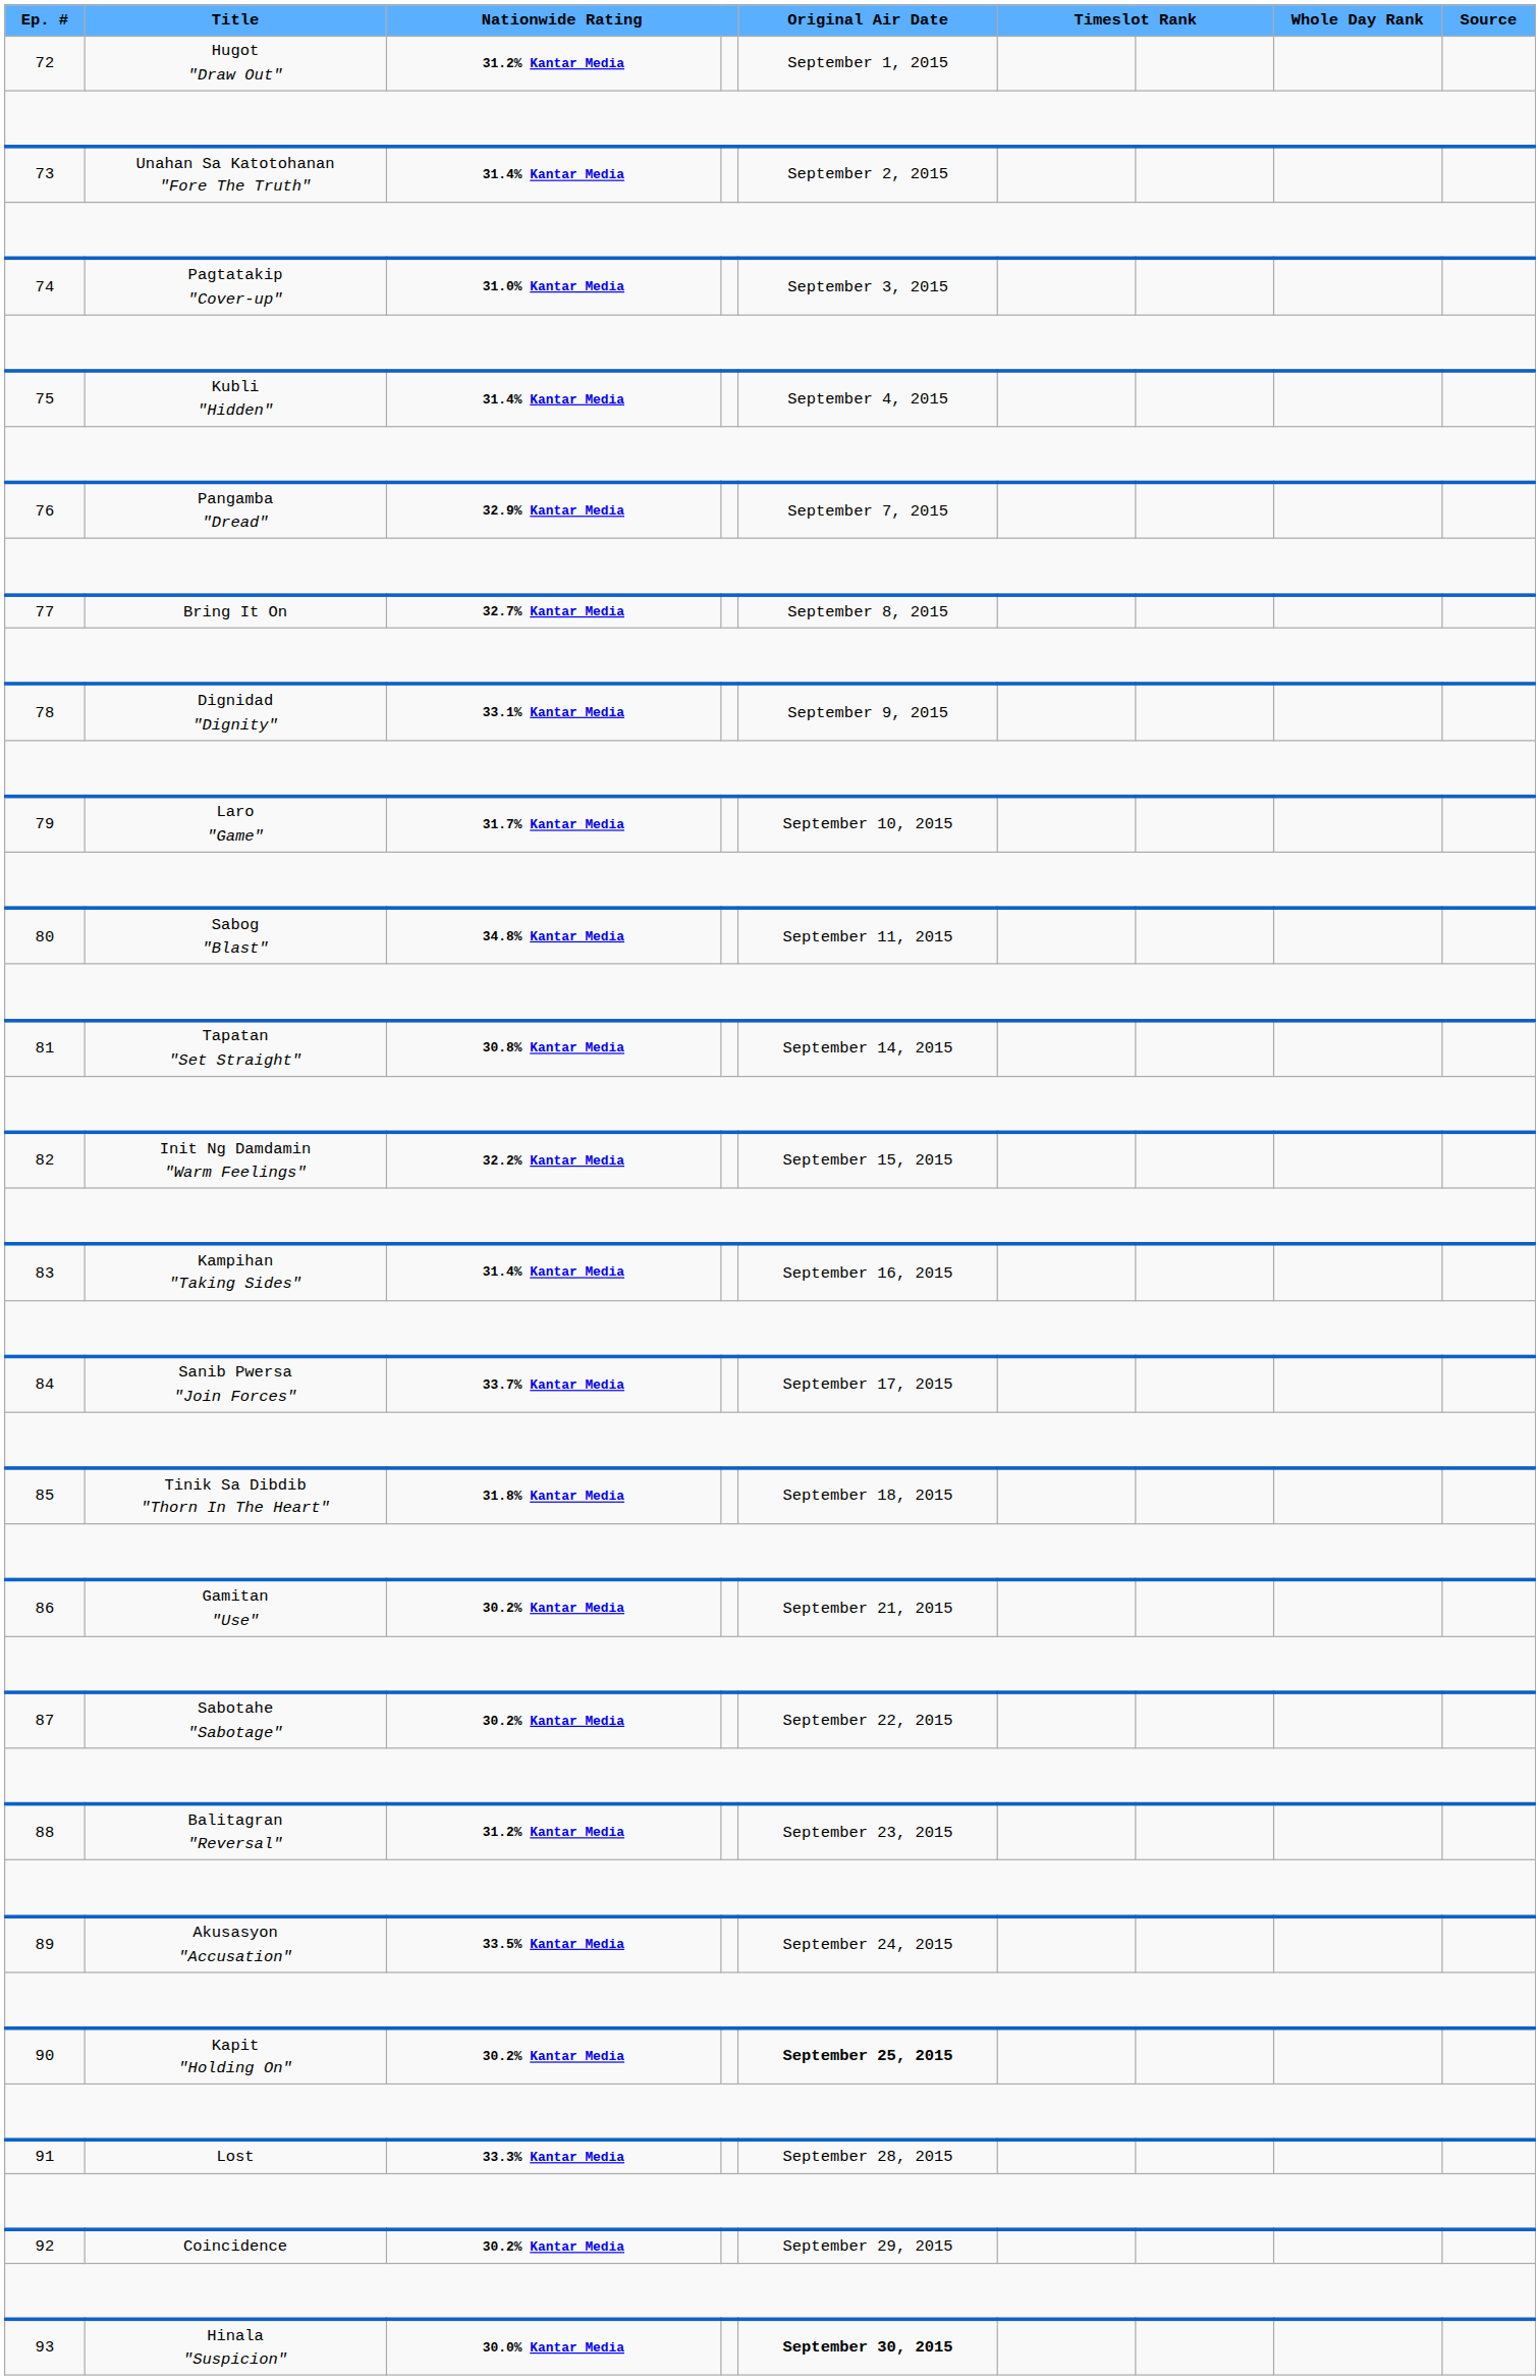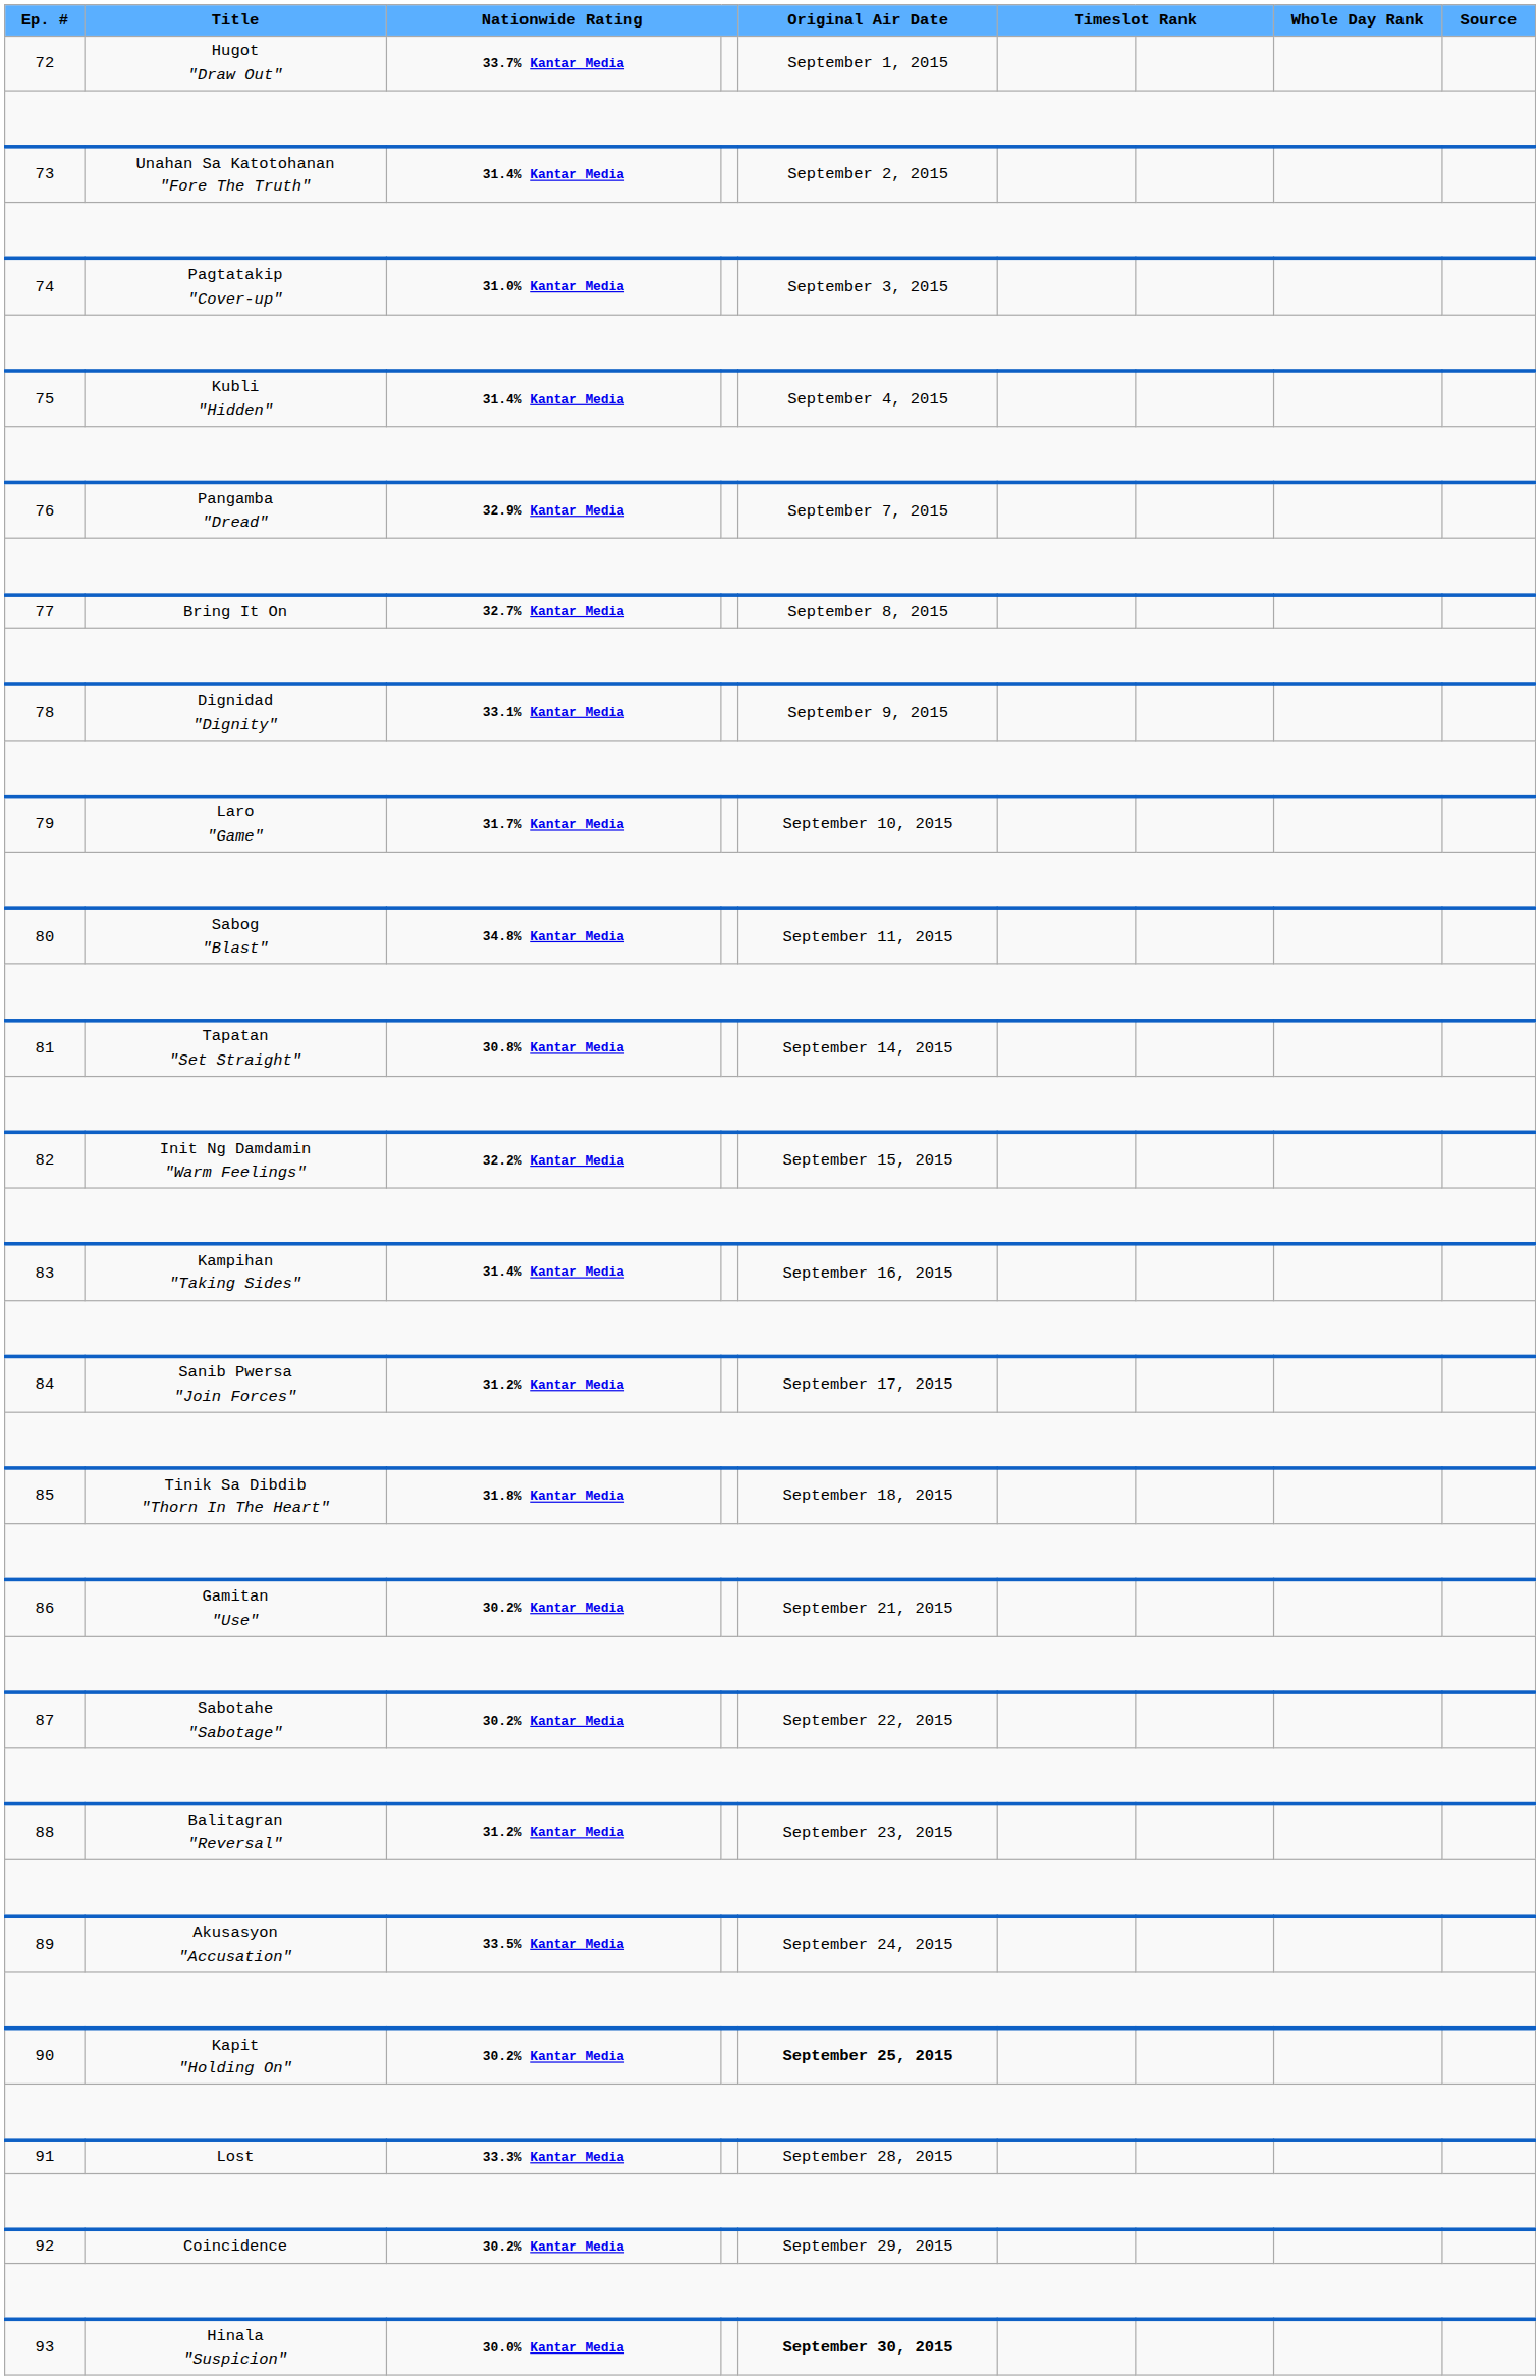 <table class="wikitable" style="text-align: center; background:#f9f9f9; line-height:16px; line-height:150%" width="100%">
 <tr style="color:black;">
 <th style="background:#5AAFFF;">Ep. #</th>
 <th style="background:#5AAFFF;">Title</th>
 <th style="background:#5AAFFF;" colspan="2" width="23%">Nationwide Rating</th>
 <th style="background:#5AAFFF;">Original Air Date</th>
 <th style="background:#5AAFFF;" colspan="2" width="18%">Timeslot Rank</th>
 <th style="background:#5AAFFF;" width="11%">Whole Day Rank</th>
 <th style="background:#5AAFFF;">Source</th>
 </tr>
 <tr style="text-align: center">
 <td>72</td>
 <td>Hugot <br> <em>"Draw Out"</em></td>
-<td><small><strong>31.2% <a href='#'>Kantar Media</a></strong></small></td>
+<td><small><strong>33.7% <a href='#'>Kantar Media</a></strong></small></td>
 <td></td>
 <td>September 1, 2015</td>
 <td></td>
 <td></td>
 <td></td>
 <td></td>
 </tr>
 <tr style="text-align: center">
 <td colspan = "10" style="text-align: left; border-bottom: 3px solid #0e60c5;"><br><br></td>
 </tr>
 <tr style="text-align: center">
 <td>73</td>
 <td>Unahan Sa Katotohanan <br> <em>"Fore The Truth"</em></td>
 <td><small><strong>31.4% <a href='#'>Kantar Media</a></strong></small></td>
 <td></td>
 <td>September 2, 2015</td>
 <td></td>
 <td></td>
 <td></td>
 <td></td>
 </tr>
 <tr style="text-align: center">
 <td colspan = "10" style="text-align: left; border-bottom: 3px solid #0e60c5;"><br><br></td>
 </tr>
 <tr style="text-align: center">
 <td>74</td>
 <td>Pagtatakip <br> <em>"Cover-up"</em></td>
 <td><small><strong>31.0% <a href='#'>Kantar Media</a></strong></small></td>
 <td></td>
 <td>September 3, 2015</td>
 <td></td>
 <td></td>
 <td></td>
 <td></td>
 </tr>
 <tr style="text-align: center">
 <td colspan = "10" style="text-align: left; border-bottom: 3px solid #0e60c5;"><br><br></td>
 </tr>
 <tr style="text-align: center">
 <td>75</td>
 <td>Kubli <br> <em>"Hidden"</em></td>
 <td><small><strong>31.4% <a href='#'>Kantar Media</a></strong></small></td>
 <td></td>
 <td>September 4, 2015</td>
 <td></td>
 <td></td>
 <td></td>
 <td></td>
 </tr>
 <tr style="text-align: center">
 <td colspan = "10" style="text-align: left; border-bottom: 3px solid #0e60c5;"><br><br></td>
 </tr>
 <tr style="text-align: center">
 <td>76</td>
 <td>Pangamba <br> <em>"Dread"</em></td>
 <td><small><strong>32.9% <a href='#'>Kantar Media</a></strong></small></td>
 <td></td>
 <td>September 7, 2015</td>
 <td></td>
 <td></td>
 <td></td>
 <td></td>
 </tr>
 <tr style="text-align: center">
 <td colspan = "10" style="text-align: left; border-bottom: 3px solid #0e60c5;"><br><br></td>
 </tr>
 <tr style="text-align: center">
 <td>77</td>
 <td>Bring It On <br></td>
 <td><small><strong>32.7% <a href='#'>Kantar Media</a></strong></small></td>
 <td></td>
 <td>September 8, 2015</td>
 <td></td>
 <td></td>
 <td></td>
 <td></td>
 </tr>
 <tr style="text-align: center">
 <td colspan = "10" style="text-align: left; border-bottom: 3px solid #0e60c5;"><br><br></td>
 </tr>
 <tr style="text-align: center">
 <td>78</td>
 <td>Dignidad <br> <em>"Dignity"</em></td>
 <td><small><strong>33.1% <a href='#'>Kantar Media</a></strong></small></td>
 <td></td>
 <td>September 9, 2015</td>
 <td></td>
 <td></td>
 <td></td>
 <td></td>
 </tr>
 <tr style="text-align: center">
 <td colspan = "10" style="text-align: left; border-bottom: 3px solid #0e60c5;"><br><br></td>
 </tr>
 <tr style="text-align: center">
 <td>79</td>
 <td>Laro <br> <em>"Game"</em></td>
 <td><small><strong>31.7% <a href='#'>Kantar Media</a></strong></small></td>
 <td></td>
 <td>September 10, 2015</td>
 <td></td>
 <td></td>
 <td></td>
 <td></td>
 </tr>
 <tr style="text-align: center">
 <td colspan = "10" style="text-align: left; border-bottom: 3px solid #0e60c5;"><br><br></td>
 </tr>
 <tr style="text-align: center">
 <td>80</td>
 <td>Sabog<br> <em>"Blast"</em></td>
 <td><small><strong>34.8% <a href='#'>Kantar Media</a></strong></small></td>
 <td></td>
 <td>September 11, 2015</td>
 <td></td>
 <td></td>
 <td></td>
 </tr>
 <tr style="text-align: center">
 <td colspan = "10" style="text-align: left; border-bottom: 3px solid #0e60c5;"><br><br></td>
 </tr>
 <tr style="text-align: center">
 <td>81</td>
 <td>Tapatan <br> <em>"Set Straight"</em></td>
 <td><small><strong>30.8% <a href='#'>Kantar Media</a></strong></small></td>
 <td></td>
 <td>September 14, 2015</td>
 <td></td>
 <td></td>
 <td></td>
 </tr>
 <tr style="text-align: center">
 <td colspan = "10" style="text-align: left; border-bottom: 3px solid #0e60c5;"><br><br></td>
 </tr>
 <tr style="text-align: center">
 <td>82</td>
 <td>Init Ng Damdamin <br> <em>"Warm Feelings"</em></td>
 <td><small><strong>32.2% <a href='#'>Kantar Media</a></strong></small></td>
 <td></td>
 <td>September 15, 2015</td>
 <td></td>
 <td></td>
 <td></td>
 </tr>
 <tr style="text-align: center">
 <td colspan = "10" style="text-align: left; border-bottom: 3px solid #0e60c5;"><br><br></td>
 </tr>
 <tr style="text-align: center">
 <td>83</td>
 <td>Kampihan <br> <em>"Taking Sides"</em></td>
 <td><small><strong>31.4% <a href='#'>Kantar Media</a></strong></small></td>
 <td></td>
 <td>September 16, 2015</td>
 <td></td>
 <td></td>
 <td></td>
 </tr>
 <tr style="text-align: center">
 <td colspan = "10" style="text-align: left; border-bottom: 3px solid #0e60c5;"><br><br></td>
 </tr>
 <tr style="text-align: center">
 <td>84</td>
 <td>Sanib Pwersa <br> <em>"Join Forces"</em></td>
-<td><small><strong>33.7% <a href='#'>Kantar Media</a></strong></small></td>
+<td><small><strong>31.2% <a href='#'>Kantar Media</a></strong></small></td>
 <td></td>
 <td>September 17, 2015</td>
 <td></td>
 <td></td>
 <td></td>
 </tr>
 <tr style="text-align: center">
 <td colspan = "10" style="text-align: left; border-bottom: 3px solid #0e60c5;"><br><br></td>
 </tr>
 <tr style="text-align: center">
 <td>85</td>
 <td>Tinik Sa Dibdib <br> <em>"Thorn In The Heart"</em></td>
 <td><small><strong>31.8% <a href='#'>Kantar Media</a></strong></small></td>
 <td></td>
 <td>September 18, 2015</td>
 <td></td>
 <td></td>
 <td></td>
 </tr>
 <tr style="text-align: center">
 <td colspan = "10" style="text-align: left; border-bottom: 3px solid #0e60c5;"><br><br></td>
 </tr>
 <tr style="text-align: center">
 <td>86</td>
 <td>Gamitan <br> <em>"Use"</em></td>
 <td><small><strong>30.2% <a href='#'>Kantar Media</a></strong></small></td>
 <td></td>
 <td>September 21, 2015</td>
 <td></td>
 <td></td>
 <td></td>
 </tr>
 <tr style="text-align: center">
 <td colspan = "10" style="text-align: left; border-bottom: 3px solid #0e60c5;"><br><br></td>
 </tr>
 <tr style="text-align: center">
 <td>87</td>
 <td>Sabotahe <br> <em>"Sabotage"</em></td>
 <td><small><strong>30.2% <a href='#'>Kantar Media</a></strong></small></td>
 <td></td>
 <td>September 22, 2015</td>
 <td></td>
 <td></td>
 <td></td>
 </tr>
 <tr style="text-align: center">
 <td colspan = "10" style="text-align: left; border-bottom: 3px solid #0e60c5;"><br><br></td>
 </tr>
 <tr style="text-align: center">
 <td>88</td>
 <td>Balitagran <br> <em>"Reversal"</em></td>
 <td><small><strong>31.2% <a href='#'>Kantar Media</a></strong></small></td>
 <td></td>
 <td>September 23, 2015</td>
 <td></td>
 <td></td>
 <td></td>
 </tr>
 <tr style="text-align: center">
 <td colspan = "10" style="text-align: left; border-bottom: 3px solid #0e60c5;"><br><br></td>
 </tr>
 <tr style="text-align: center">
 <td>89</td>
 <td>Akusasyon <br> <em>"Accusation"</em></td>
 <td><small><strong>33.5% <a href='#'>Kantar Media</a></strong></small></td>
 <td></td>
 <td>September 24, 2015</td>
 <td></td>
 <td></td>
 <td></td>
 </tr>
 <tr style="text-align: center">
 <td colspan = "10" style="text-align: left; border-bottom: 3px solid #0e60c5;"><br><br></td>
 </tr>
 <tr style="text-align: center">
 <td>90</td>
 <td>Kapit <br> <em>"Holding On"</em></td>
 <td><small><strong>30.2% <a href='#'>Kantar Media</a></strong></small></td>
 <td></td>
 <td><strong>September 25, 2015</strong></td>
 <td></td>
 <td></td>
 <td></td>
 </tr>
 <tr style="text-align: center">
 <td colspan = "10" style="text-align: left; border-bottom: 3px solid #0e60c5;"><br><br></td>
 </tr>
 <tr style="text-align: center">
 <td>91</td>
 <td>Lost <br></td>
 <td><small><strong>33.3% <a href='#'>Kantar Media</a></strong></small></td>
 <td></td>
 <td>September 28, 2015</td>
 <td></td>
 <td></td>
 <td></td>
 </tr>
 <tr style="text-align: center">
 <td colspan = "10" style="text-align: left; border-bottom: 3px solid #0e60c5;"><br><br></td>
 </tr>
 <tr style="text-align: center">
 <td>92</td>
 <td>Coincidence</td>
 <td><small><strong>30.2% <a href='#'>Kantar Media</a></strong></small></td>
 <td></td>
 <td>September 29, 2015</td>
 <td></td>
 <td></td>
 <td></td>
 </tr>
 <tr style="text-align: center">
 <td colspan = "10" style="text-align: left; border-bottom: 3px solid #0e60c5;"><br><br></td>
 </tr>
 <tr style="text-align: center">
 <td>93</td>
 <td>Hinala <br> <em>"Suspicion"</em></td>
 <td><small><strong>30.0% <a href='#'>Kantar Media</a></strong></small></td>
 <td></td>
 <td><strong>September 30, 2015</strong></td>
 <td></td>
 <td></td>
 <td></td>
 </tr>
 </table>
